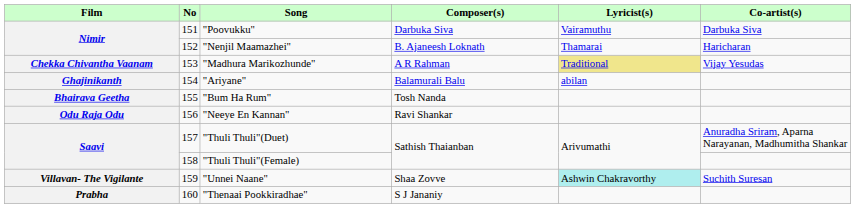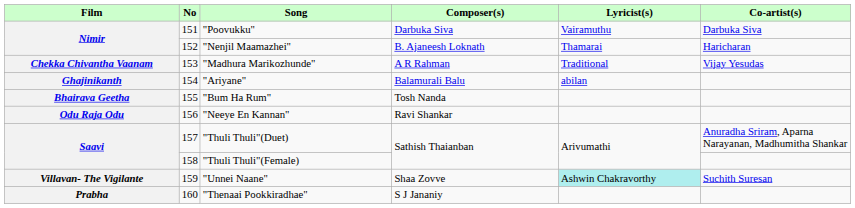 <table class="wikitable plainrowheaders" width="100%" textcolor:#000;">
 <tr style="background:#cfc; text-align:center;">
 <td scope="col" width=21%><strong>Film</strong></td>
 <td><strong>No</strong></td>
 <td scope="col" width=23%><strong>Song</strong></td>
 <td scope="col" width=20%><strong>Composer(s)</strong></td>
 <td scope="col" width=17%><strong>Lyricist(s)</strong></td>
 <td scope="col" width=18%><strong>Co-artist(s)</strong></td>
 </tr>
 <tr>
 <th rowspan="2"><em><a href='#'>Nimir</a></em></th>
 <td>151</td>
 <td>"Poovukku"</td>
 <td><a href='#'>Darbuka Siva</a></td>
 <td><a href='#'>Vairamuthu</a></td>
 <td><a href='#'>Darbuka Siva</a></td>
 </tr>
 <tr>
 <td>152</td>
 <td>"Nenjil Maamazhei"</td>
 <td><a href='#'>B. Ajaneesh Loknath</a></td>
 <td><a href='#'>Thamarai</a></td>
 <td><a href='#'>Haricharan</a></td>
 </tr>
 <tr>
 <th><em><a href='#'>Chekka Chivantha Vaanam</a></em></th>
 <td>153</td>
 <td>"Madhura Marikozhunde"</td>
 <td><a href='#'>A R Rahman</a></td>
-<td style="background: khaki;"><a href='#'>Traditional</a></td>
+<td><a href='#'>Traditional</a></td>
 <td><a href='#'>Vijay Yesudas</a></td>
 </tr>
 <tr>
 <th><em><a href='#'>Ghajinikanth</a></em></th>
 <td>154</td>
 <td>"Ariyane"</td>
 <td><a href='#'>Balamurali Balu</a></td>
 <td><a href='#'>abilan</a></td>
 <td></td>
 </tr>
 <tr>
 <th><em><a href='#'>Bhairava Geetha</a></em></th>
 <td>155</td>
 <td>"Bum Ha Rum"</td>
 <td>Tosh Nanda</td>
 <td></td>
 <td></td>
 </tr>
 <tr>
 <th><em><a href='#'>Odu Raja Odu</a></em></th>
 <td>156</td>
 <td>"Neeye En Kannan"</td>
 <td>Ravi Shankar</td>
 <td></td>
 <td></td>
 </tr>
 <tr>
 <th rowspan="2"><em><a href='#'>Saavi</a></em></th>
 <td>157</td>
 <td>"Thuli Thuli"(Duet)</td>
 <td rowspan="2">Sathish Thaianban</td>
 <td rowspan="2">Arivumathi</td>
 <td><a href='#'>Anuradha Sriram</a>, Aparna Narayanan, Madhumitha Shankar</td>
 </tr>
 <tr>
 <td>158</td>
 <td>"Thuli Thuli"(Female)</td>
 <td></td>
 </tr>
 <tr>
 <th><em>Villavan- The Vigilante</em></th>
 <td>159</td>
 <td>"Unnei Naane"</td>
 <td>Shaa Zovve</td>
 <td style="background: paleturquoise;">Ashwin Chakravorthy</td>
 <td><a href='#'>Suchith Suresan</a></td>
 </tr>
 <tr>
 <th><em>Prabha</em></th>
 <td>160</td>
 <td>"Thenaai Pookkiradhae"</td>
 <td>S J Jananiy</td>
 <td></td>
 <td></td>
 </tr>
 </table>
